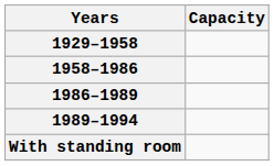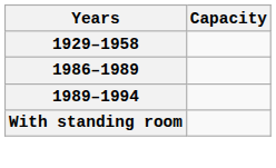 <table class="wikitable">
 <tr>
 <th>Years</th>
 <th>Capacity</th>
 </tr>
 <tr>
 <th>1929–1958</th>
-<td></td>
-</tr>
-<tr>
-<th>1958–1986</th>
 <td></td>
 </tr>
 <tr>
 <th>1986–1989</th>
 <td></td>
 </tr>
 <tr>
 <th>1989–1994</th>
 <td></td>
 </tr>
 <tr>
 <th>With standing room</th>
 <td></td>
 </tr>
 </table>
